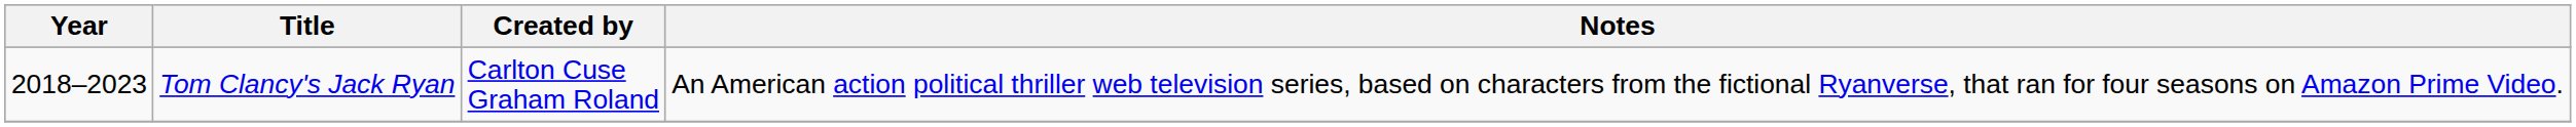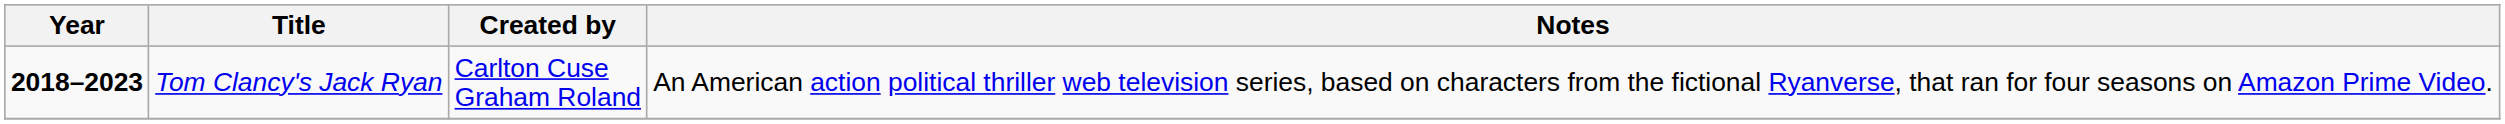 <table class="wikitable">
 <tr>
 <th>Year</th>
 <th>Title</th>
 <th>Created by</th>
 <th>Notes</th>
 </tr>
 <tr>
-<td>2018–2023</td>
+<td><strong>2018–2023</strong></td>
 <td><em><a href='#'>Tom Clancy's Jack Ryan</a></em></td>
 <td><a href='#'>Carlton Cuse</a><br><a href='#'>Graham Roland</a></td>
 <td>An American <a href='#'>action</a> <a href='#'>political thriller</a> <a href='#'>web television</a> series, based on characters from the fictional <a href='#'>Ryanverse</a>, that ran for four seasons on <a href='#'>Amazon Prime Video</a>.</td>
 </tr>
 <tr>
 </tr>
 </table>
